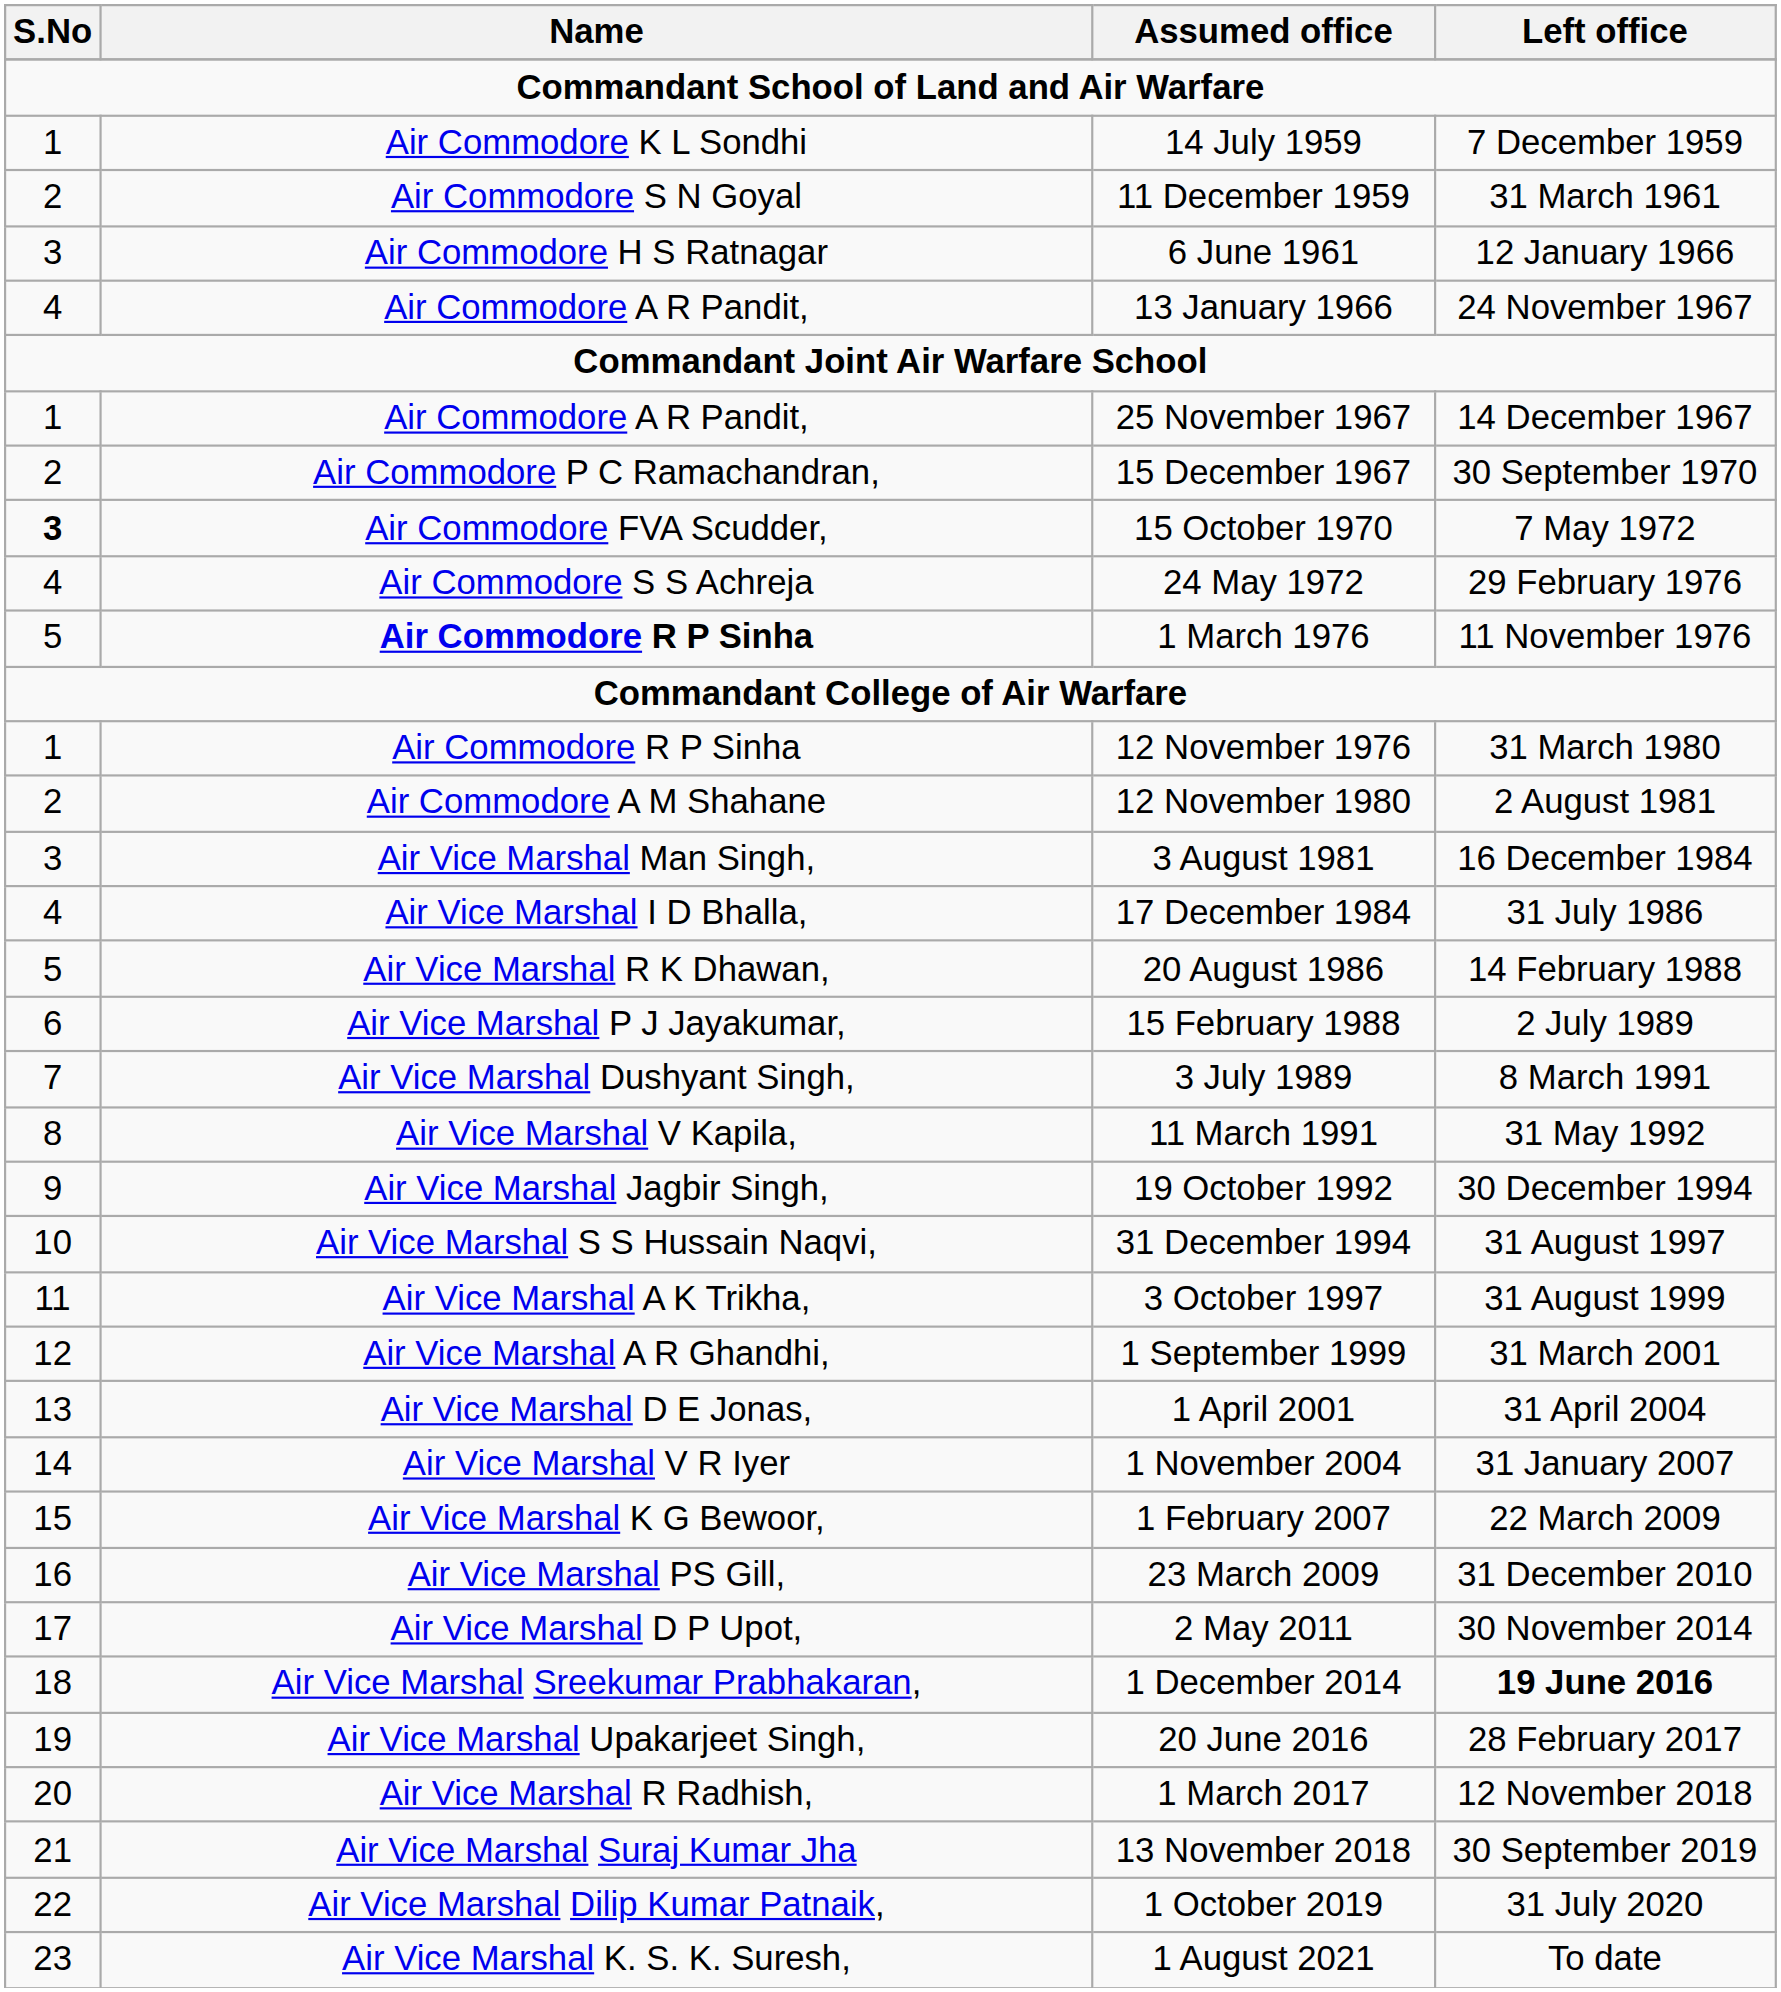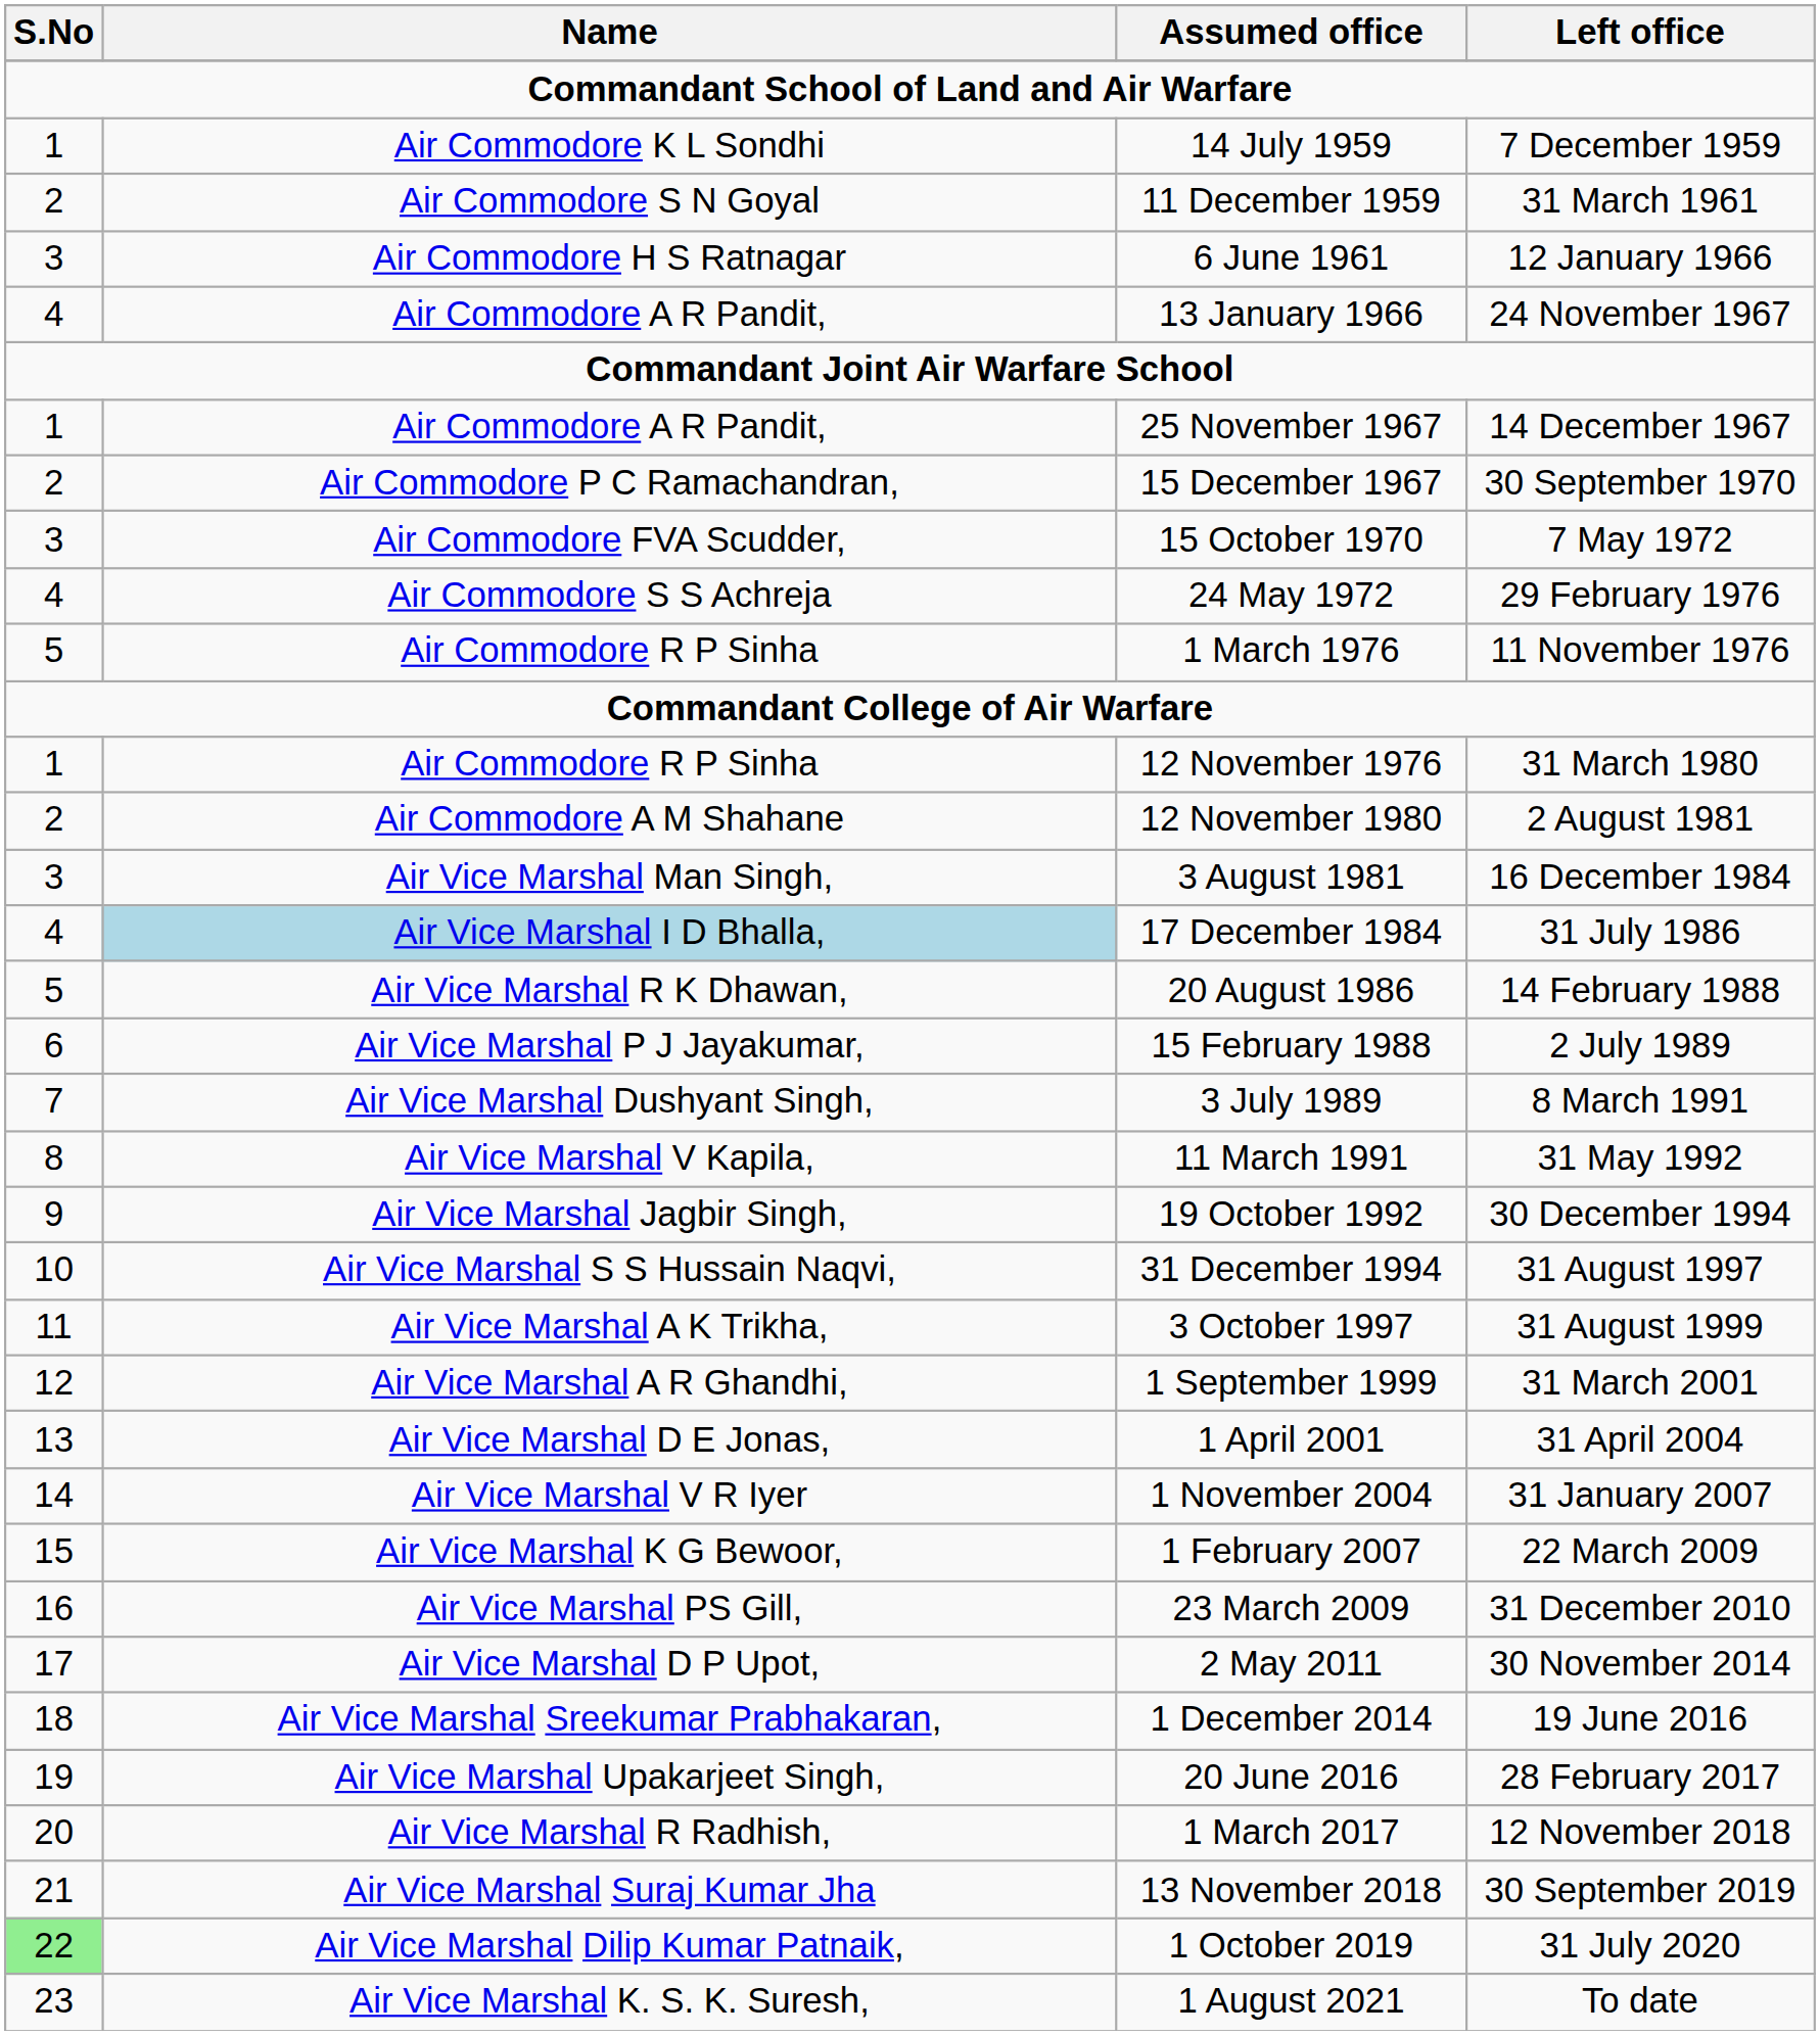 <table class="wikitable" style="text-align:center">
 <tr style="background:#cccccc">
 <th scope="col" style="width: 20px;">S.No</th>
 <th scope="col" style="width: 450px;">Name</th>
 <th scope="col" style="width: 150px;">Assumed office</th>
 <th scope="col" style="width: 150px;">Left office</th>
 </tr>
 <tr>
 </tr>
 <tr>
 <td colspan="4"><strong>Commandant School of Land and Air Warfare</strong></td>
 </tr>
 <tr>
 <td>1</td>
 <td><a href='#'>Air Commodore</a> K L Sondhi</td>
 <td>14 July 1959</td>
 <td>7 December 1959</td>
 </tr>
 <tr>
 <td>2</td>
 <td><a href='#'>Air Commodore</a> S N Goyal</td>
 <td>11 December 1959</td>
 <td>31 March 1961</td>
 </tr>
 <tr>
 <td>3</td>
 <td><a href='#'>Air Commodore</a> H S Ratnagar</td>
 <td>6 June 1961</td>
 <td>12 January 1966</td>
 </tr>
 <tr>
 <td>4</td>
 <td><a href='#'>Air Commodore</a> A R Pandit, </td>
 <td>13 January 1966</td>
 <td>24 November 1967</td>
 </tr>
 <tr>
 <td colspan="5"><strong>Commandant Joint Air Warfare School</strong></td>
 </tr>
 <tr>
 <td>1</td>
 <td><a href='#'>Air Commodore</a> A R Pandit, </td>
 <td>25 November 1967</td>
 <td>14 December 1967</td>
 </tr>
 <tr>
 <td>2</td>
 <td><a href='#'>Air Commodore</a> P C Ramachandran, </td>
 <td>15 December 1967</td>
 <td>30 September 1970</td>
 </tr>
 <tr>
-<td><strong>3</strong></td>
+<td>3</td>
 <td><a href='#'>Air Commodore</a> FVA Scudder, </td>
 <td>15 October 1970</td>
 <td>7 May 1972</td>
 </tr>
 <tr>
 <td>4</td>
 <td><a href='#'>Air Commodore</a> S S Achreja</td>
 <td>24 May 1972</td>
 <td>29 February 1976</td>
 </tr>
 <tr>
 <td>5</td>
-<td><strong><a href='#'>Air Commodore</a> R P Sinha</strong></td>
+<td><a href='#'>Air Commodore</a> R P Sinha</td>
 <td>1 March 1976</td>
 <td>11 November 1976</td>
 </tr>
 <tr>
 <td colspan="22"><strong>Commandant College of Air Warfare</strong></td>
 </tr>
 <tr>
 <td>1</td>
 <td><a href='#'>Air Commodore</a> R P Sinha</td>
 <td>12 November 1976</td>
 <td>31 March 1980</td>
 </tr>
 <tr>
 <td>2</td>
 <td><a href='#'>Air Commodore</a> A M Shahane</td>
 <td>12 November 1980</td>
 <td>2 August 1981</td>
 </tr>
 <tr>
 <td>3</td>
 <td><a href='#'>Air Vice Marshal</a> Man Singh, </td>
 <td>3 August 1981</td>
 <td>16 December 1984</td>
 </tr>
 <tr>
 <td>4</td>
-<td><a href='#'>Air Vice Marshal</a> I D Bhalla, </td>
+<td style="background: lightblue;"><a href='#'>Air Vice Marshal</a> I D Bhalla, </td>
 <td>17 December 1984</td>
 <td>31 July 1986</td>
 </tr>
 <tr>
 <td>5</td>
 <td><a href='#'>Air Vice Marshal</a> R K Dhawan, </td>
 <td>20 August 1986</td>
 <td>14 February 1988</td>
 </tr>
 <tr>
 <td>6</td>
 <td><a href='#'>Air Vice Marshal</a> P J Jayakumar, </td>
 <td>15 February 1988</td>
 <td>2 July 1989</td>
 </tr>
 <tr>
 <td>7</td>
 <td><a href='#'>Air Vice Marshal</a> Dushyant Singh, </td>
 <td>3 July 1989</td>
 <td>8 March 1991</td>
 </tr>
 <tr>
 <td>8</td>
 <td><a href='#'>Air Vice Marshal</a> V Kapila, </td>
 <td>11 March 1991</td>
 <td>31 May 1992</td>
 </tr>
 <tr>
 <td>9</td>
 <td><a href='#'>Air Vice Marshal</a> Jagbir Singh, </td>
 <td>19 October 1992</td>
 <td>30 December 1994</td>
 </tr>
 <tr>
 <td>10</td>
 <td><a href='#'>Air Vice Marshal</a> S S Hussain Naqvi, </td>
 <td>31 December 1994</td>
 <td>31 August 1997</td>
 </tr>
 <tr>
 <td>11</td>
 <td><a href='#'>Air Vice Marshal</a> A K Trikha, </td>
 <td>3 October 1997</td>
 <td>31 August 1999</td>
 </tr>
 <tr>
 <td>12</td>
 <td><a href='#'>Air Vice Marshal</a> A R Ghandhi, </td>
 <td>1 September 1999</td>
 <td>31 March 2001</td>
 </tr>
 <tr>
 <td>13</td>
 <td><a href='#'>Air Vice Marshal</a> D E Jonas, </td>
 <td>1 April 2001</td>
 <td>31 April 2004</td>
 </tr>
 <tr>
 <td>14</td>
 <td><a href='#'>Air Vice Marshal</a> V R Iyer</td>
 <td>1 November 2004</td>
 <td>31 January 2007</td>
 </tr>
 <tr>
 <td>15</td>
 <td><a href='#'>Air Vice Marshal</a> K G Bewoor, </td>
 <td>1 February 2007</td>
 <td>22 March 2009</td>
 </tr>
 <tr>
 <td>16</td>
 <td><a href='#'>Air Vice Marshal</a> PS Gill, </td>
 <td>23 March 2009</td>
 <td>31 December 2010</td>
 </tr>
 <tr>
 <td>17</td>
 <td><a href='#'>Air Vice Marshal</a> D P Upot, </td>
 <td>2 May 2011</td>
 <td>30 November 2014</td>
 </tr>
 <tr>
 <td>18</td>
 <td><a href='#'>Air Vice Marshal</a> <a href='#'>Sreekumar Prabhakaran</a>, </td>
 <td>1 December 2014</td>
-<td><strong>19 June 2016</strong></td>
+<td>19 June 2016</td>
 </tr>
 <tr>
 <td>19</td>
 <td><a href='#'>Air Vice Marshal</a> Upakarjeet Singh, </td>
 <td>20 June 2016</td>
 <td>28 February 2017</td>
 </tr>
 <tr>
 <td>20</td>
 <td><a href='#'>Air Vice Marshal</a> R Radhish, </td>
 <td>1 March 2017</td>
 <td>12 November 2018</td>
 </tr>
 <tr>
 <td>21</td>
 <td><a href='#'>Air Vice Marshal</a> <a href='#'>Suraj Kumar Jha</a></td>
 <td>13 November 2018</td>
 <td>30 September 2019</td>
 </tr>
 <tr>
-<td>22</td>
+<td style="background: lightgreen;">22</td>
 <td><a href='#'>Air Vice Marshal</a> <a href='#'>Dilip Kumar Patnaik</a>, </td>
 <td>1 October 2019</td>
 <td>31 July 2020</td>
 </tr>
 <tr>
 <td>23</td>
 <td><a href='#'>Air Vice Marshal</a> K. S. K. Suresh, </td>
 <td>1 August 2021</td>
 <td>To date</td>
 </tr>
 <tr>
 </tr>
 </table>
